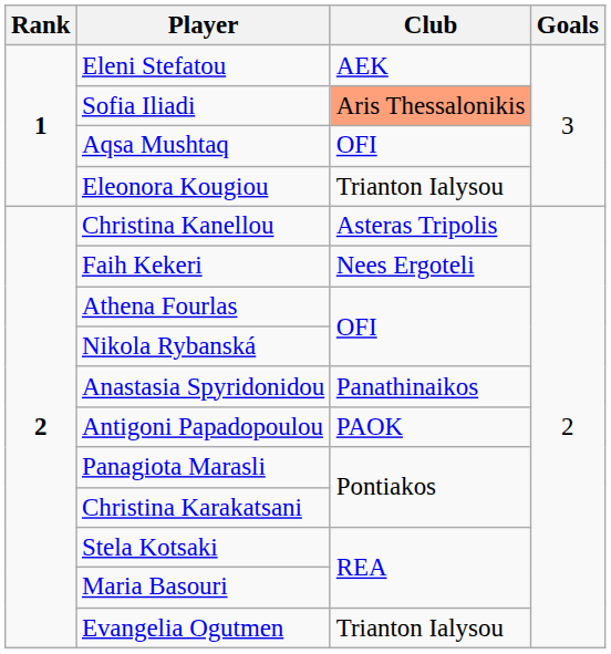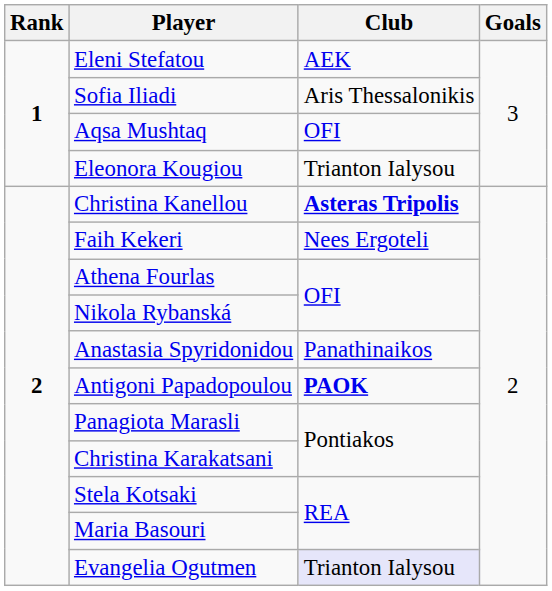 <table class="wikitable sortable" style="text-align:center">
 <tr>
 <th>Rank</th>
 <th>Player</th>
 <th>Club</th>
 <th>Goals</th>
 </tr>
 <tr>
 <td rowspan=4><strong>1</strong></td>
 <td align="left"> <a href='#'>Eleni Stefatou</a></td>
 <td align="left"><a href='#'>AEK</a></td>
 <td rowspan=4>3</td>
 </tr>
 <tr>
 <td align="left"> <a href='#'>Sofia Iliadi</a></td>
-<td align="left" style="background: lightsalmon;">Aris Thessalonikis</td>
+<td align="left">Aris Thessalonikis</td>
 </tr>
 <tr>
 <td align="left"> <a href='#'>Aqsa Mushtaq</a></td>
 <td align="left"><a href='#'>OFI</a></td>
 </tr>
 <tr>
 <td align="left"> <a href='#'>Eleonora Kougiou</a></td>
 <td align="left">Trianton Ialysou</td>
 </tr>
 <tr>
 <td rowspan=11><strong>2</strong></td>
 <td align="left"> <a href='#'>Christina Kanellou</a></td>
-<td align="left"><a href='#'>Asteras Tripolis</a></td>
+<td align="left"><strong><a href='#'>Asteras Tripolis</a></strong></td>
 <td rowspan=11>2</td>
 </tr>
 <tr>
 <td align="left"> <a href='#'>Faih Kekeri</a></td>
 <td align="left"><a href='#'>Nees Ergoteli</a></td>
 </tr>
 <tr>
 <td align="left"> <a href='#'>Athena Fourlas</a></td>
 <td rowspan=2 align="left"><a href='#'>OFI</a></td>
 </tr>
 <tr>
 <td align="left"> <a href='#'>Nikola Rybanská</a></td>
 </tr>
 <tr>
 <td align="left"> <a href='#'>Anastasia Spyridonidou</a></td>
 <td align="left"><a href='#'>Panathinaikos</a></td>
 </tr>
 <tr>
 <td align="left"> <a href='#'>Antigoni Papadopoulou</a></td>
-<td align="left"><a href='#'>PAOK</a></td>
+<td align="left"><strong><a href='#'>PAOK</a></strong></td>
 </tr>
 <tr>
 <td align="left"> <a href='#'>Panagiota Marasli</a></td>
 <td rowspan=2 align="left">Pontiakos</td>
 </tr>
 <tr>
 <td align="left"> <a href='#'>Christina Karakatsani</a></td>
 </tr>
 <tr>
 <td align="left"> <a href='#'>Stela Kotsaki</a></td>
 <td rowspan=2 align="left"><a href='#'>REA</a></td>
 </tr>
 <tr>
 <td align="left"> <a href='#'>Maria Basouri</a></td>
 </tr>
 <tr>
 <td align="left"> <a href='#'>Evangelia Ogutmen</a></td>
-<td align="left">Trianton Ialysou</td>
+<td align="left" style="background: lavender;">Trianton Ialysou</td>
 </tr>
 </table>
